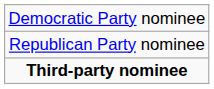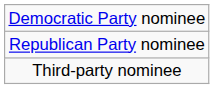 <table class="wikitable" style="text-align:center; font-size:90%">
 <tr>
 <td align="center" ><a href='#'>Democratic Party</a> nominee</td>
 </tr>
 <tr>
 <td align="center" ><a href='#'>Republican Party</a> nominee</td>
 </tr>
 <tr>
-<td align="center" ><strong>Third-party nominee</strong></td>
+<td align="center" >Third-party nominee</td>
 </tr>
 </table>
